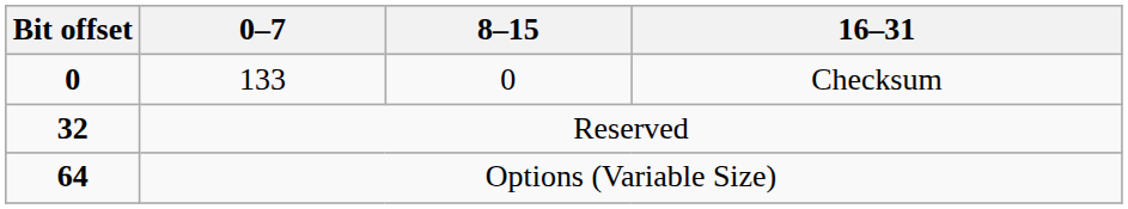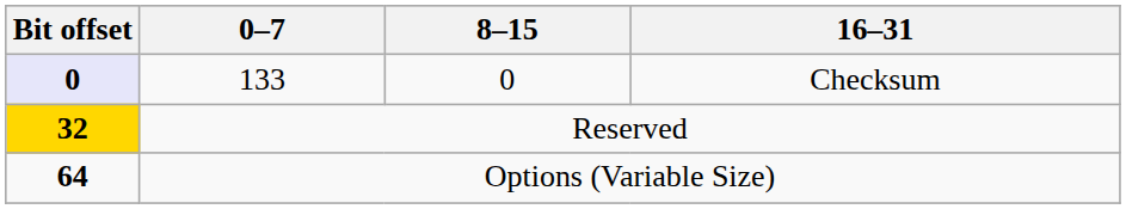 <table class="wikitable" style="text-align:center">
 <tr>
 <th>Bit offset</th>
 <th colspan="8" width="22%">0–7</th>
 <th colspan="8" width="22%">8–15</th>
 <th colspan="16" width="44%">16–31</th>
 </tr>
 <tr>
-<td><strong>0</strong></td>
+<td style="background: lavender;"><strong>0</strong></td>
 <td colspan="8">133</td>
 <td colspan="8">0</td>
 <td colspan="16">Checksum</td>
 </tr>
 <tr>
-<td><strong>32</strong></td>
+<td style="background: gold;"><strong>32</strong></td>
 <td colspan="32">Reserved</td>
 </tr>
 <tr>
 <td><strong>64</strong></td>
 <td colspan="32">Options (Variable Size)</td>
 </tr>
 </table>
